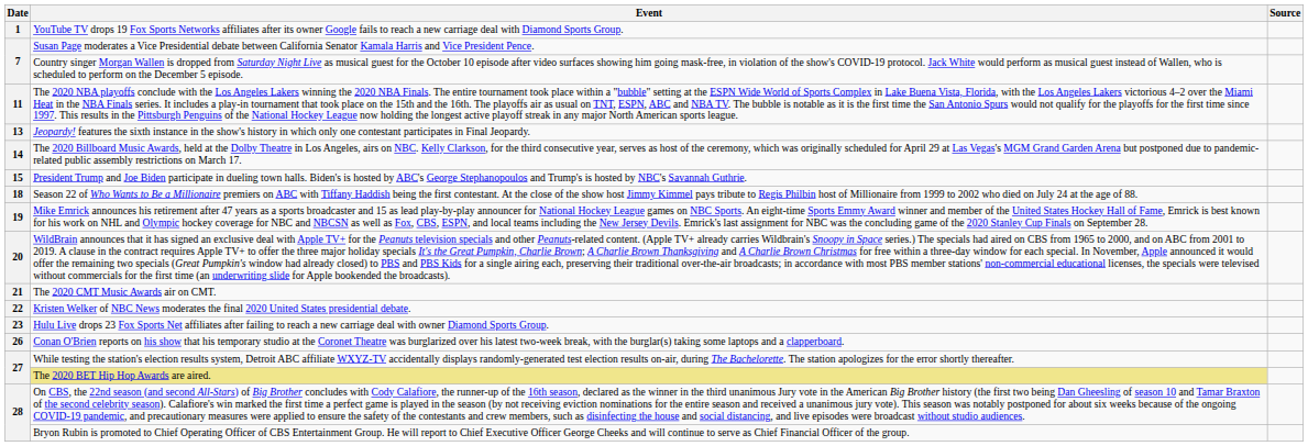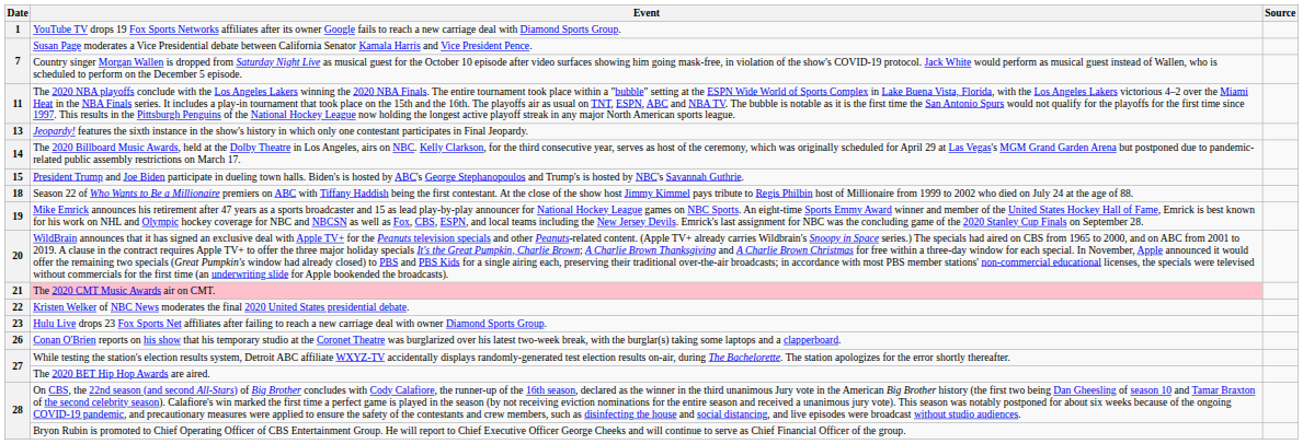 <table class=wikitable>
 <tr>
 <th>Date</th>
 <th>Event</th>
 <th>Source</th>
 </tr>
 <tr>
 <th>1</th>
 <td><a href='#'>YouTube TV</a> drops 19 <a href='#'>Fox Sports Networks</a> affiliates after its owner <a href='#'>Google</a> fails to reach a new carriage deal with  <a href='#'>Diamond Sports Group</a>.</td>
 <td></td>
 </tr>
 <tr>
 <th rowspan="2">7</th>
 <td><a href='#'>Susan Page</a> moderates a Vice Presidential debate between California Senator <a href='#'>Kamala Harris</a> and <a href='#'>Vice President Pence</a>.</td>
 <td></td>
 </tr>
 <tr>
 <td>Country singer <a href='#'>Morgan Wallen</a> is dropped from <em><a href='#'>Saturday Night Live</a></em> as musical guest for the October 10 episode after video surfaces showing him going mask-free, in violation of the show's COVID-19 protocol. <a href='#'>Jack White</a> would perform as musical guest instead of Wallen, who is scheduled to perform on the December 5 episode.</td>
 <td></td>
 </tr>
 <tr>
 <th>11</th>
 <td>The <a href='#'>2020 NBA playoffs</a> conclude with the <a href='#'>Los Angeles Lakers</a> winning the <a href='#'>2020 NBA Finals</a>. The entire tournament took place within a "<a href='#'>bubble</a>" setting at the <a href='#'>ESPN Wide World of Sports Complex</a> in <a href='#'>Lake Buena Vista, Florida</a>, with the <a href='#'>Los Angeles Lakers</a> victorious 4–2 over the <a href='#'>Miami Heat</a> in the <a href='#'>NBA Finals</a> series. It includes a play-in tournament that took place on the 15th and the 16th. The playoffs air as usual on <a href='#'>TNT</a>, <a href='#'>ESPN</a>, <a href='#'>ABC</a> and <a href='#'>NBA TV</a>. The bubble is notable as it is the first time the <a href='#'>San Antonio Spurs</a> would not qualify for the playoffs for the first time since <a href='#'>1997</a>. This results in the <a href='#'>Pittsburgh Penguins</a> of the <a href='#'>National Hockey League</a> now holding the longest active playoff streak in any major North American sports league.</td>
 <td></td>
 </tr>
 <tr>
 <th>13</th>
 <td><em><a href='#'>Jeopardy!</a></em> features the sixth instance in the show's history in which only one contestant participates in Final Jeopardy.</td>
 <td></td>
 </tr>
 <tr>
 <th>14</th>
 <td>The <a href='#'>2020 Billboard Music Awards</a>, held at the <a href='#'>Dolby Theatre</a> in Los Angeles, airs on <a href='#'>NBC</a>. <a href='#'>Kelly Clarkson</a>, for the third consecutive year, serves as host of the ceremony, which was originally scheduled for April 29 at <a href='#'>Las Vegas</a>'s <a href='#'>MGM Grand Garden Arena</a> but postponed due to pandemic-related public assembly restrictions on March 17.</td>
 <td><br></td>
 </tr>
 <tr>
 <th>15</th>
 <td><a href='#'>President Trump</a> and <a href='#'>Joe Biden</a> participate in dueling town halls. Biden's is hosted by <a href='#'>ABC</a>'s <a href='#'>George Stephanopoulos</a> and Trump's is hosted by <a href='#'>NBC</a>'s <a href='#'>Savannah Guthrie</a>.</td>
 <td></td>
 </tr>
 <tr>
 <th>18</th>
 <td>Season 22 of <em><a href='#'>Who Wants to Be a Millionaire</a></em> premiers on <a href='#'>ABC</a> with <a href='#'>Tiffany Haddish</a> being the first contestant. At the close of the show host <a href='#'>Jimmy Kimmel</a> pays tribute to <a href='#'>Regis Philbin</a> host of Millionaire from 1999 to 2002 who died on July 24 at the age of 88.</td>
 <td></td>
 </tr>
 <tr>
 <th>19</th>
 <td><a href='#'>Mike Emrick</a> announces his retirement after 47 years as a sports broadcaster and 15 as lead play-by-play announcer for <a href='#'>National Hockey League</a> games on <a href='#'>NBC Sports</a>.  An eight-time <a href='#'>Sports Emmy Award</a> winner and member of the <a href='#'>United States Hockey Hall of Fame</a>, Emrick is best known for his work on NHL and <a href='#'>Olympic</a> hockey coverage for NBC and <a href='#'>NBCSN</a> as well as <a href='#'>Fox</a>, <a href='#'>CBS</a>, <a href='#'>ESPN</a>, and local teams including the <a href='#'>New Jersey Devils</a>.  Emrick's last assignment for NBC was the concluding game of the <a href='#'>2020 Stanley Cup Finals</a> on September 28.</td>
 <td></td>
 </tr>
 <tr>
 <th>20</th>
 <td><a href='#'>WildBrain</a> announces that it has signed an exclusive deal with <a href='#'>Apple TV+</a> for the <a href='#'><em>Peanuts</em> television specials</a> and other <em><a href='#'>Peanuts</a></em>-related content. (Apple TV+ already carries Wildbrain's <em><a href='#'>Snoopy in Space</a></em> series.) The specials had aired on CBS from 1965 to 2000, and on ABC from 2001 to 2019. A clause in the contract requires Apple TV+ to offer the three major holiday specials <em><a href='#'>It's the Great Pumpkin, Charlie Brown</a></em>; <em><a href='#'>A Charlie Brown Thanksgiving</a></em> and <em><a href='#'>A Charlie Brown Christmas</a></em> for free within a three-day window for each special. In November, <a href='#'>Apple</a> announced it would offer the remaining two specials (<em>Great Pumpkin's</em> window had already closed) to <a href='#'>PBS</a> and <a href='#'>PBS Kids</a> for a single airing each, preserving their traditional over-the-air broadcasts; in accordance with most PBS member stations' <a href='#'>non-commercial educational</a> licenses, the specials were televised without commercials for the first time (an <a href='#'>underwriting slide</a> for Apple bookended the broadcasts).</td>
 <td></td>
 </tr>
 <tr>
 <th>21</th>
-<td>The <a href='#'>2020 CMT Music Awards</a> air on CMT.</td>
+<td style="background: pink;">The <a href='#'>2020 CMT Music Awards</a> air on CMT.</td>
 <td></td>
 </tr>
 <tr>
 <th>22</th>
 <td><a href='#'>Kristen Welker</a> of <a href='#'>NBC News</a> moderates the final <a href='#'>2020 United States presidential debate</a>.</td>
 <td></td>
 </tr>
 <tr>
 <th>23</th>
 <td><a href='#'>Hulu Live</a> drops 23 <a href='#'>Fox Sports Net</a> affiliates after failing to reach a new carriage deal with owner <a href='#'>Diamond Sports Group</a>.</td>
 <td></td>
 </tr>
 <tr>
 <th>26</th>
 <td><a href='#'>Conan O'Brien</a> reports on <a href='#'>his show</a> that his temporary studio at the <a href='#'>Coronet Theatre</a> was burglarized over his latest two-week break, with the burglar(s) taking some laptops and a <a href='#'>clapperboard</a>.</td>
 <td></td>
 </tr>
 <tr>
 <th rowspan="2">27</th>
 <td>While testing the station's election results system, Detroit ABC affiliate <a href='#'>WXYZ-TV</a> accidentally displays randomly-generated test election results on-air, during <em><a href='#'>The Bachelorette</a></em>. The station apologizes for the error shortly thereafter.</td>
 <td></td>
 </tr>
 <tr>
-<td style="background: khaki;">The <a href='#'>2020 BET Hip Hop Awards</a> are aired.</td>
+<td>The <a href='#'>2020 BET Hip Hop Awards</a> are aired.</td>
 <td></td>
 </tr>
 <tr>
 <th rowspan=2>28</th>
 <td>On <a href='#'>CBS</a>, the <a href='#'>22nd season (and second <em>All-Stars</em>)</a> of <em><a href='#'>Big Brother</a></em> concludes with <a href='#'>Cody Calafiore</a>, the runner-up of the <a href='#'>16th season</a>, declared as the winner in the third unanimous Jury vote in the American <em>Big Brother</em> history (the first two being <a href='#'>Dan Gheesling</a> of <a href='#'>season 10</a> and <a href='#'>Tamar Braxton</a> of <a href='#'>the second celebrity season</a>). Calafiore's win marked the first time a perfect game is played in the season (by not receiving eviction nominations for the entire season and received a unanimous jury vote). This season was notably postponed for about six weeks because of the ongoing <a href='#'>COVID-19 pandemic</a>, and precautionary measures were applied to ensure the safety of the contestants and crew members, such as <a href='#'>disinfecting the house</a> and <a href='#'>social distancing</a>, and live episodes were broadcast <a href='#'>without studio audiences</a>.</td>
 <td><br><br></td>
 </tr>
 <tr>
 <td>Bryon Rubin is promoted to Chief Operating Officer of CBS Entertainment Group. He will report to Chief Executive Officer George Cheeks and will continue to serve as Chief Financial Officer of the group.</td>
 <td></td>
 </tr>
 </table>
